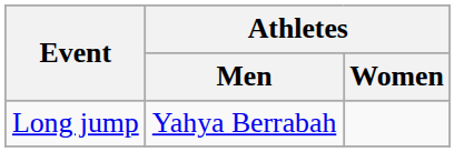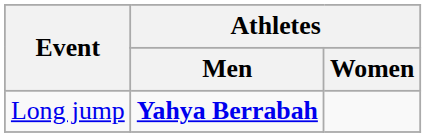 <table class=wikitable style="font-size:90%">
 <tr>
 <th rowspan=2>Event</th>
 <th colspan=2>Athletes</th>
 </tr>
 <tr>
 <th>Men</th>
 <th>Women</th>
 </tr>
 <tr>
 <td><a href='#'>Long jump</a></td>
-<td><a href='#'>Yahya Berrabah</a></td>
+<td><strong><a href='#'>Yahya Berrabah</a></strong></td>
 <td></td>
 </tr>
 </table>
